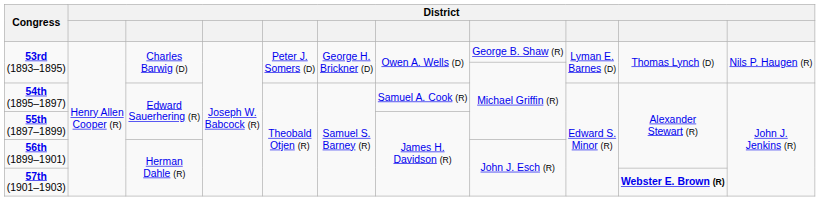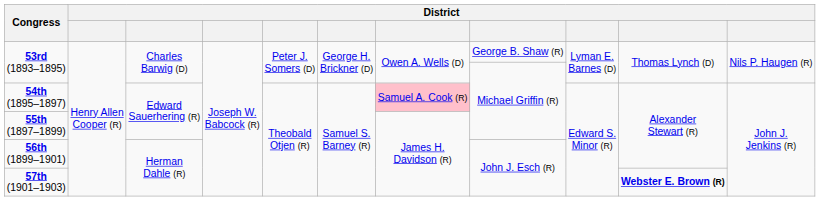 <table class="wikitable" style="text-align:center">
 <tr>
 <th rowspan="2">Congress</th>
 <th colspan="10">District</th>
 </tr>
 <tr style="height:2em">
 <th></th>
 <th></th>
 <th></th>
 <th></th>
 <th></th>
 <th></th>
 <th></th>
 <th></th>
 <th></th>
 <th></th>
 </tr>
 <tr style="height:2em">
 <td rowspan="2"><strong><a href='#'>53rd</a></strong><br>(1893–1895)</td>
 <td rowspan="6" ><a href='#'>Henry Allen<br>Cooper</a> <small>(R)</small></td>
 <td rowspan="2" ><a href='#'>Charles<br>Barwig</a> <small>(D)</small></td>
 <td rowspan="6" ><a href='#'>Joseph W.<br>Babcock</a> <small>(R)</small></td>
 <td rowspan="2" ><a href='#'>Peter J.<br>Somers</a> <small>(D)</small></td>
 <td rowspan="2" ><a href='#'>George H.<br>Brickner</a> <small>(D)</small></td>
 <td rowspan="2" ><a href='#'>Owen A. Wells</a> <small>(D)</small></td>
 <td><a href='#'>George B. Shaw</a> <small>(R)</small></td>
 <td rowspan="2" ><a href='#'>Lyman E.<br>Barnes</a> <small>(D)</small></td>
 <td rowspan="2" ><a href='#'>Thomas Lynch</a> <small>(D)</small></td>
 <td rowspan="2" ><a href='#'>Nils P. Haugen</a> <small>(R)</small></td>
 </tr>
 <tr style="height:2em">
 <td rowspan="3" ><a href='#'>Michael Griffin</a> <small>(R)</small></td>
 </tr>
 <tr style="height:2em">
 <td><strong><a href='#'>54th</a></strong><br>(1895–1897)</td>
 <td rowspan="2" ><a href='#'>Edward<br>Sauerhering</a> <small>(R)</small></td>
 <td rowspan="4" ><a href='#'>Theobald<br>Otjen</a> <small>(R)</small></td>
 <td rowspan="4" ><a href='#'>Samuel S.<br>Barney</a> <small>(R)</small></td>
-<td><a href='#'>Samuel A. Cook</a> <small>(R)</small></td>
+<td style="background: pink;"><a href='#'>Samuel A. Cook</a> <small>(R)</small></td>
 <td rowspan="4" ><a href='#'>Edward S.<br>Minor</a> <small>(R)</small></td>
 <td rowspan="3" ><a href='#'>Alexander<br>Stewart</a> <small>(R)</small></td>
 <td rowspan="4" ><a href='#'>John J.<br>Jenkins</a> <small>(R)</small></td>
 </tr>
 <tr style="height:2em">
 <td><strong><a href='#'>55th</a></strong><br>(1897–1899)</td>
 <td rowspan="3" ><a href='#'>James H.<br>Davidson</a> <small>(R)</small></td>
 </tr>
 <tr style="height:2em">
 <td><strong><a href='#'>56th</a></strong><br>(1899–1901)</td>
 <td rowspan="2" ><a href='#'>Herman<br>Dahle</a> <small>(R)</small></td>
 <td rowspan="2" ><a href='#'>John J. Esch</a> <small>(R)</small></td>
 </tr>
 <tr style="height:2em">
 <td><strong><a href='#'>57th</a></strong><br>(1901–1903)</td>
 <td><strong><a href='#'>Webster E. Brown</a> <small>(R)</small></strong></td>
 </tr>
 </table>
